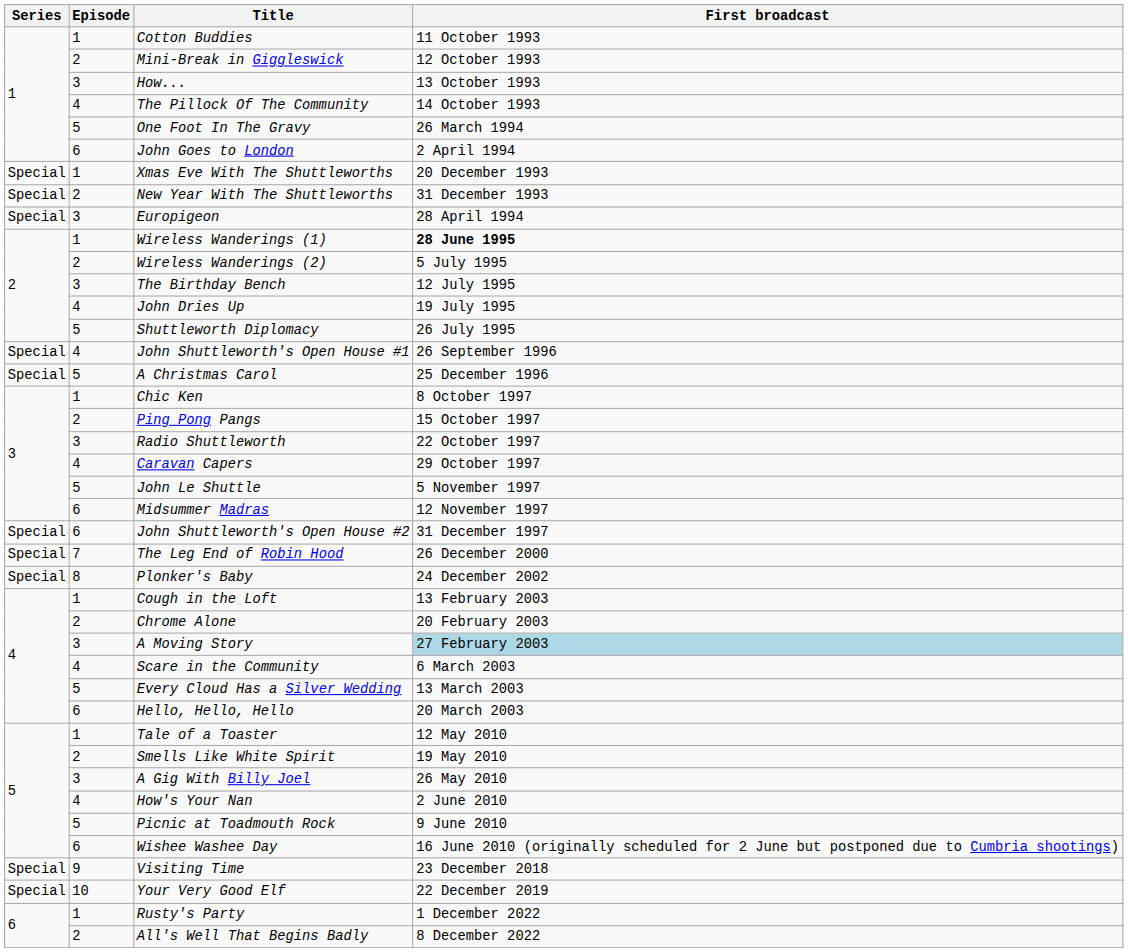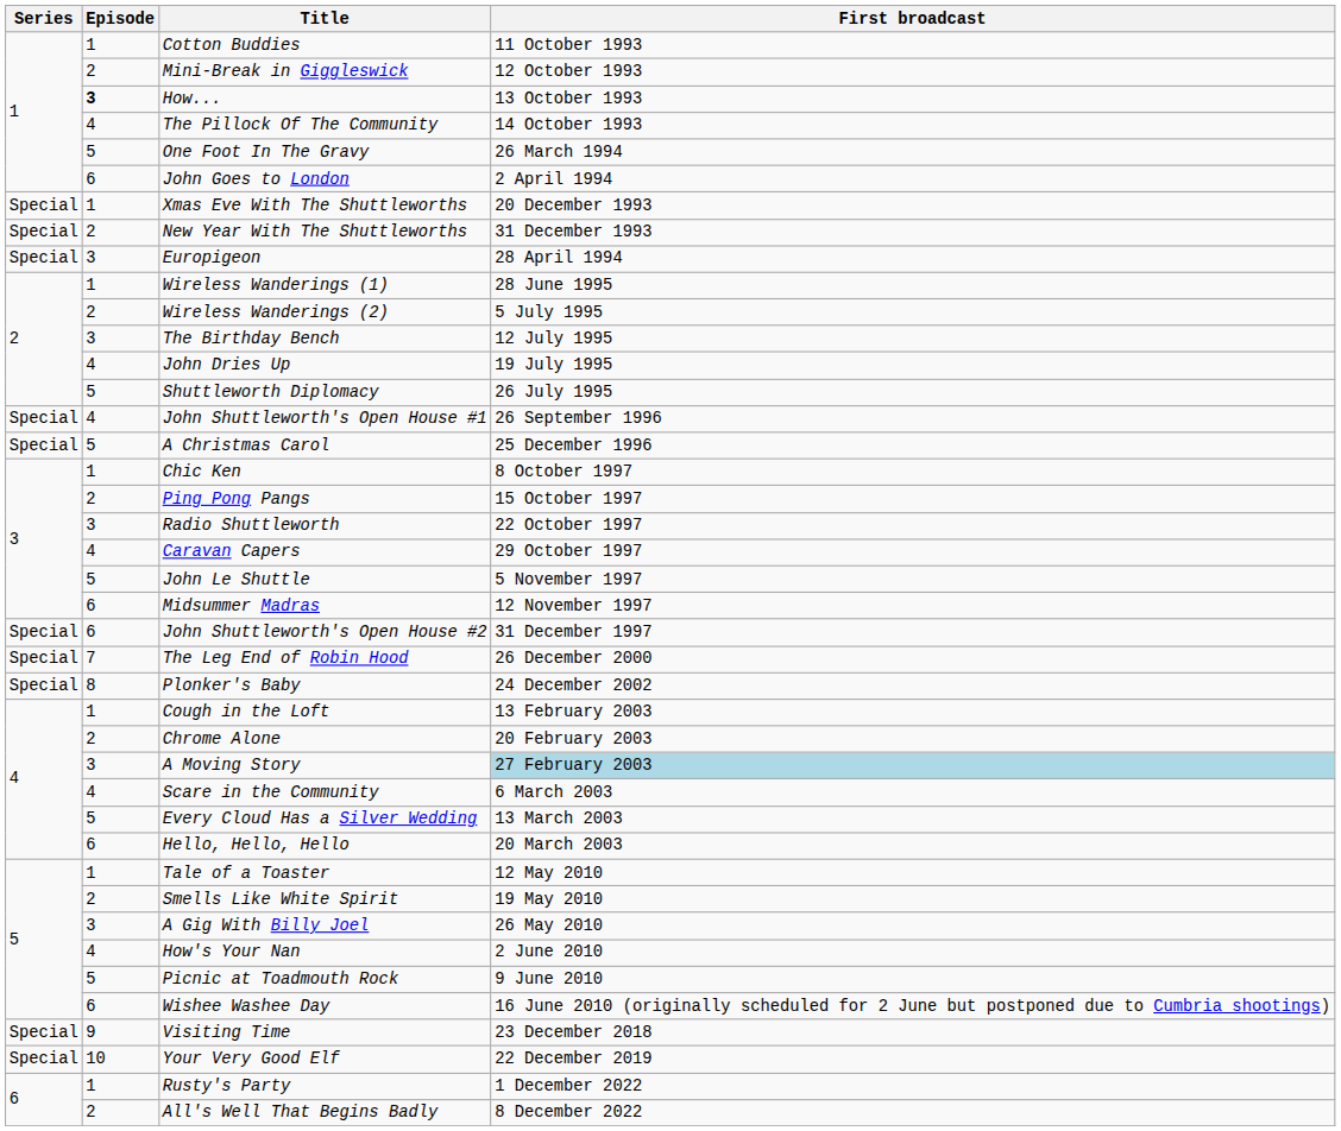 <table class="wikitable">
 <tr>
 <th>Series</th>
 <th>Episode</th>
 <th>Title</th>
 <th>First broadcast</th>
 </tr>
 <tr>
 <td rowspan="6">1</td>
 <td>1</td>
 <td><em>Cotton Buddies</em></td>
 <td>11 October 1993</td>
 </tr>
 <tr>
 <td>2</td>
 <td><em>Mini-Break in <a href='#'>Giggleswick</a></em></td>
 <td>12 October 1993</td>
 </tr>
 <tr>
-<td>3</td>
+<td><strong>3</strong></td>
 <td><em>How...</em></td>
 <td>13 October 1993</td>
 </tr>
 <tr>
 <td>4</td>
 <td><em>The Pillock Of The Community</em></td>
 <td>14 October 1993</td>
 </tr>
 <tr>
 <td>5</td>
 <td><em>One Foot In The Gravy</em></td>
 <td>26 March 1994</td>
 </tr>
 <tr>
 <td>6</td>
 <td><em>John Goes to <a href='#'>London</a></em></td>
 <td>2 April 1994</td>
 </tr>
 <tr>
 <td>Special</td>
 <td>1</td>
 <td><em>Xmas Eve With The Shuttleworths</em></td>
 <td>20 December 1993</td>
 </tr>
 <tr>
 <td>Special</td>
 <td>2</td>
 <td><em>New Year With The Shuttleworths</em></td>
 <td>31 December 1993</td>
 </tr>
 <tr>
 <td>Special</td>
 <td>3</td>
 <td><em>Europigeon</em></td>
 <td>28 April 1994</td>
 </tr>
 <tr>
 <td rowspan="5">2</td>
 <td>1</td>
 <td><em>Wireless Wanderings (1)</em></td>
-<td><strong>28 June 1995</strong></td>
+<td>28 June 1995</td>
 </tr>
 <tr>
 <td>2</td>
 <td><em>Wireless Wanderings (2)</em></td>
 <td>5 July 1995</td>
 </tr>
 <tr>
 <td>3</td>
 <td><em>The Birthday Bench</em></td>
 <td>12 July 1995</td>
 </tr>
 <tr>
 <td>4</td>
 <td><em>John Dries Up</em></td>
 <td>19 July 1995</td>
 </tr>
 <tr>
 <td>5</td>
 <td><em>Shuttleworth Diplomacy</em></td>
 <td>26 July 1995</td>
 </tr>
 <tr>
 <td>Special</td>
 <td>4</td>
 <td><em>John Shuttleworth's Open House #1</em></td>
 <td>26 September 1996</td>
 </tr>
 <tr>
 <td>Special</td>
 <td>5</td>
 <td><em>A Christmas Carol</em></td>
 <td>25 December 1996</td>
 </tr>
 <tr>
 <td rowspan="6">3</td>
 <td>1</td>
 <td><em>Chic Ken</em></td>
 <td>8 October 1997</td>
 </tr>
 <tr>
 <td>2</td>
 <td><em><a href='#'>Ping Pong</a> Pangs</em></td>
 <td>15 October 1997</td>
 </tr>
 <tr>
 <td>3</td>
 <td><em>Radio Shuttleworth</em></td>
 <td>22 October 1997</td>
 </tr>
 <tr>
 <td>4</td>
 <td><em><a href='#'>Caravan</a> Capers</em></td>
 <td>29 October 1997</td>
 </tr>
 <tr>
 <td>5</td>
 <td><em>John Le Shuttle</em></td>
 <td>5 November 1997</td>
 </tr>
 <tr>
 <td>6</td>
 <td><em>Midsummer <a href='#'>Madras</a></em></td>
 <td>12 November 1997</td>
 </tr>
 <tr>
 <td>Special</td>
 <td>6</td>
 <td><em>John Shuttleworth's Open House #2</em></td>
 <td>31 December 1997</td>
 </tr>
 <tr>
 <td>Special</td>
 <td>7</td>
 <td><em>The Leg End of <a href='#'>Robin Hood</a></em></td>
 <td>26 December 2000</td>
 </tr>
 <tr>
 <td>Special</td>
 <td>8</td>
 <td><em>Plonker's Baby</em></td>
 <td>24 December 2002</td>
 </tr>
 <tr>
 <td rowspan="6">4</td>
 <td>1</td>
 <td><em>Cough in the Loft</em></td>
 <td>13 February 2003</td>
 </tr>
 <tr>
 <td>2</td>
 <td><em>Chrome Alone</em></td>
 <td>20 February 2003</td>
 </tr>
 <tr>
 <td>3</td>
 <td><em>A Moving Story</em></td>
 <td style="background: lightblue;">27 February 2003</td>
 </tr>
 <tr>
 <td>4</td>
 <td><em>Scare in the Community</em></td>
 <td>6 March 2003</td>
 </tr>
 <tr>
 <td>5</td>
 <td><em>Every Cloud Has a <a href='#'>Silver Wedding</a></em></td>
 <td>13 March 2003</td>
 </tr>
 <tr>
 <td>6</td>
 <td><em>Hello, Hello, Hello</em></td>
 <td>20 March 2003</td>
 </tr>
 <tr>
 <td rowspan="6">5</td>
 <td>1</td>
 <td><em>Tale of a Toaster</em></td>
 <td>12 May 2010</td>
 </tr>
 <tr>
 <td>2</td>
 <td><em>Smells Like White Spirit</em></td>
 <td>19 May 2010</td>
 </tr>
 <tr>
 <td>3</td>
 <td><em>A Gig With <a href='#'>Billy Joel</a></em></td>
 <td>26 May 2010</td>
 </tr>
 <tr>
 <td>4</td>
 <td><em>How's Your Nan</em></td>
 <td>2 June 2010</td>
 </tr>
 <tr>
 <td>5</td>
 <td><em>Picnic at Toadmouth Rock</em></td>
 <td>9 June 2010</td>
 </tr>
 <tr>
 <td>6</td>
 <td><em>Wishee Washee Day</em></td>
 <td>16 June 2010 (originally scheduled for 2 June but postponed due to <a href='#'>Cumbria shootings</a>)</td>
 </tr>
 <tr>
 <td>Special</td>
 <td>9</td>
 <td><em>Visiting Time</em></td>
 <td>23 December 2018</td>
 </tr>
 <tr>
 <td>Special</td>
 <td>10</td>
 <td><em>Your Very Good Elf</em></td>
 <td>22 December 2019</td>
 </tr>
 <tr>
 <td rowspan="2">6</td>
 <td>1</td>
 <td><em>Rusty's Party</em></td>
 <td>1 December 2022</td>
 </tr>
 <tr>
 <td>2</td>
 <td><em>All's Well That Begins Badly</em></td>
 <td>8 December 2022</td>
 </tr>
 <tr>
 </tr>
 </table>
